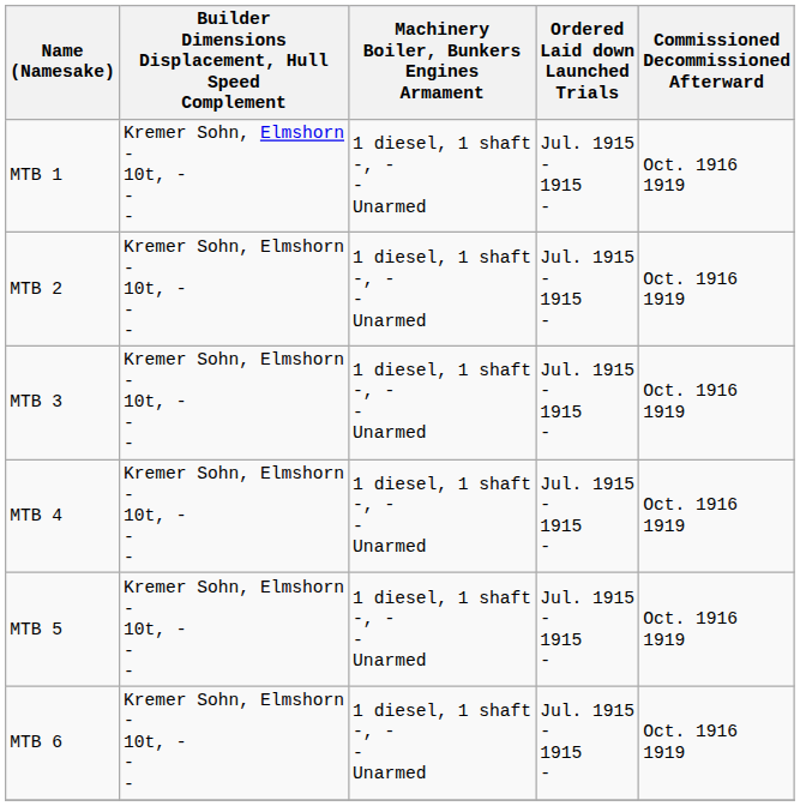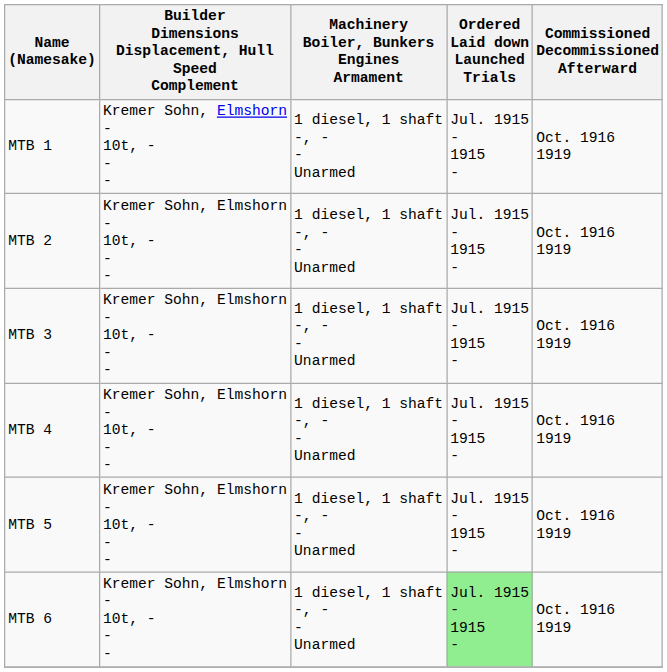 <table class="wikitable" style="font-size:90%;">
 <tr bgcolor="#e6e9ff">
 <th>Name<br>(Namesake)</th>
 <th>Builder<br>Dimensions<br>Displacement, Hull<br>Speed<br>Complement</th>
 <th>Machinery<br>Boiler, Bunkers<br>Engines<br>Armament</th>
 <th>Ordered<br>Laid down<br>Launched<br>Trials</th>
 <th>Commissioned<br>Decommissioned<br>Afterward</th>
 </tr>
 <tr ---->
 <td>MTB 1</td>
 <td> Kremer Sohn, <a href='#'>Elmshorn</a><br>-<br>10t, -<br>-<br>-</td>
 <td>1 diesel, 1 shaft<br>-, -<br>-<br>Unarmed</td>
 <td>Jul. 1915<br>-<br>1915<br>-</td>
 <td>Oct. 1916<br>1919</td>
 </tr>
 <tr ---->
 <td>MTB 2</td>
 <td> Kremer Sohn, Elmshorn<br>-<br>10t, -<br>-<br>-</td>
 <td>1 diesel, 1 shaft<br>-, -<br>-<br>Unarmed</td>
 <td>Jul. 1915<br>-<br>1915<br>-</td>
 <td>Oct. 1916<br>1919</td>
 </tr>
 <tr ---->
 <td>MTB 3</td>
 <td> Kremer Sohn, Elmshorn<br>-<br>10t, -<br>-<br>-</td>
 <td>1 diesel, 1 shaft<br>-, -<br>-<br>Unarmed</td>
 <td>Jul. 1915<br>-<br>1915<br>-</td>
 <td>Oct. 1916<br>1919</td>
 </tr>
 <tr ---->
 <td>MTB 4</td>
 <td> Kremer Sohn, Elmshorn<br>-<br>10t, -<br>-<br>-</td>
 <td>1 diesel, 1 shaft<br>-, -<br>-<br>Unarmed</td>
 <td>Jul. 1915<br>-<br>1915<br>-</td>
 <td>Oct. 1916<br>1919</td>
 </tr>
 <tr ---->
 <td>MTB 5</td>
 <td> Kremer Sohn, Elmshorn<br>-<br>10t, -<br>-<br>-</td>
 <td>1 diesel, 1 shaft<br>-, -<br>-<br>Unarmed</td>
 <td>Jul. 1915<br>-<br>1915<br>-</td>
 <td>Oct. 1916<br>1919</td>
 </tr>
 <tr ---->
 <td>MTB 6</td>
 <td> Kremer Sohn, Elmshorn<br>-<br>10t, -<br>-<br>-</td>
 <td>1 diesel, 1 shaft<br>-, -<br>-<br>Unarmed</td>
-<td>Jul. 1915<br>-<br>1915<br>-</td>
+<td style="background: lightgreen;">Jul. 1915<br>-<br>1915<br>-</td>
 <td>Oct. 1916<br>1919</td>
 </tr>
 <tr ---->
 </tr>
 </table>
